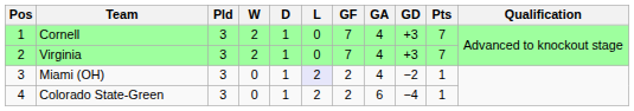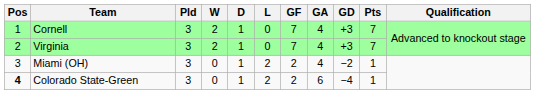 <table class="wikitable" style="text-align:center; margin: 1em auto">
 <tr>
 <th style="width:2em">Pos</th>
 <th style="width:13em">Team</th>
 <th style="width:2em">Pld</th>
 <th style="width:2em">W</th>
 <th style="width:2em">D</th>
 <th style="width:2em">L</th>
 <th style="width:2em">GF</th>
 <th style="width:2em">GA</th>
 <th style="width:2em">GD</th>
 <th style="width:2em">Pts</th>
 <th style="width:13em">Qualification</th>
 </tr>
 <tr bgcolor="#9eff9e">
 <td>1</td>
 <td style="text-align:left">Cornell</td>
 <td>3</td>
 <td>2</td>
 <td>1</td>
 <td>0</td>
 <td>7</td>
 <td>4</td>
 <td>+3</td>
 <td>7</td>
 <td rowspan="2">Advanced to knockout stage</td>
 </tr>
 <tr bgcolor="#9eff9e">
 <td>2</td>
 <td style="text-align:left">Virginia</td>
 <td>3</td>
 <td>2</td>
 <td>1</td>
 <td>0</td>
 <td>7</td>
 <td>4</td>
 <td>+3</td>
 <td>7</td>
 </tr>
 <tr>
 <td>3</td>
 <td style="text-align:left">Miami (OH)</td>
 <td>3</td>
 <td>0</td>
 <td>1</td>
-<td style="background: lavender;">2</td>
+<td>2</td>
 <td>2</td>
 <td>4</td>
 <td>−2</td>
 <td>1</td>
 <td rowspan="2"></td>
 </tr>
 <tr>
-<td>4</td>
+<td><strong>4</strong></td>
 <td style="text-align:left">Colorado State-Green</td>
 <td>3</td>
 <td>0</td>
 <td>1</td>
 <td>2</td>
 <td>2</td>
 <td>6</td>
 <td>−4</td>
 <td>1</td>
 </tr>
 </table>
